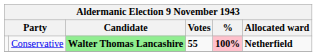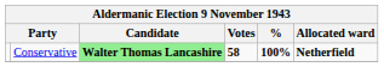 <table class="wikitable">
 <tr>
 <th colspan="6"><strong>Aldermanic Election 9 November 1943</strong></th>
 </tr>
 <tr>
 <th colspan="2">Party</th>
 <th>Candidate</th>
 <th>Votes</th>
 <th>%</th>
 <th>Allocated ward</th>
 </tr>
 <tr>
 <td style="background-color:"></td>
 <td><a href='#'>Conservative</a></td>
 <td style="background: lightgreen;"><strong>Walter Thomas Lancashire</strong></td>
-<td><strong>55</strong></td>
-<td style="background: pink;"><strong>100%</strong></td>
+<td><strong>58</strong></td>
+<td><strong>100%</strong></td>
 <td><strong>Netherfield</strong></td>
 </tr>
 <tr>
 </tr>
 </table>
